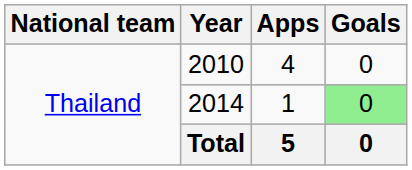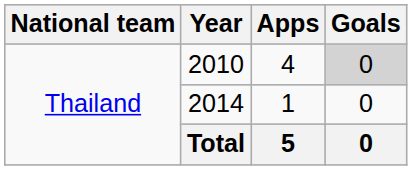 <table class="wikitable" style="text-align:center">
 <tr>
 <th>National team</th>
 <th>Year</th>
 <th>Apps</th>
 <th>Goals</th>
 </tr>
 <tr>
 <td rowspan="3" valign="center"><a href='#'>Thailand</a></td>
 <td>2010</td>
 <td>4</td>
-<td>0</td>
+<td style="background: lightgrey;">0</td>
 </tr>
 <tr>
 <td>2014</td>
 <td>1</td>
-<td style="background: lightgreen;">0</td>
+<td>0</td>
 </tr>
 <tr>
 <th>Total</th>
 <th>5</th>
 <th>0</th>
 </tr>
 </table>
